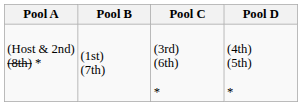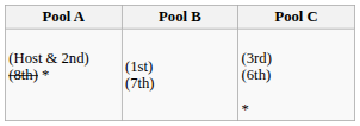 <table class="wikitable">
 <tr>
 <th width=25%>Pool A</th>
 <th width=25%>Pool B</th>
 <th width=25%>Pool C</th>
-<th width=25%>Pool D</th>
 </tr>
 <tr>
 <td><br> (Host & 2nd)<br> <s> (8th)</s> *<br> <br> <br></td>
 <td><br> (1st)<br>  (7th)<br> <br> </td>
 <td><br> (3rd)<br>  (6th)<br> <br> <s></s> *</td>
-<td><br> (4th)<br>  (5th)<br> <br> <s></s> *</td>
 </tr>
 </table>
